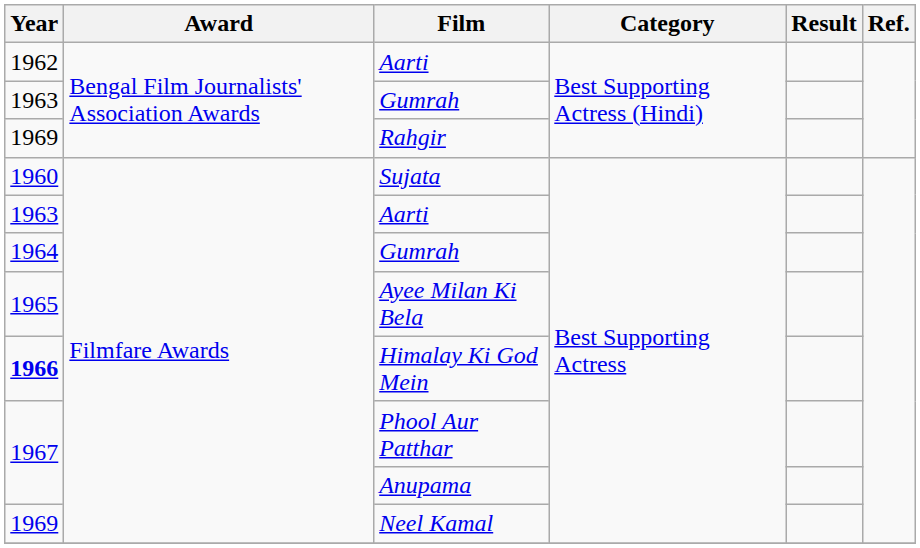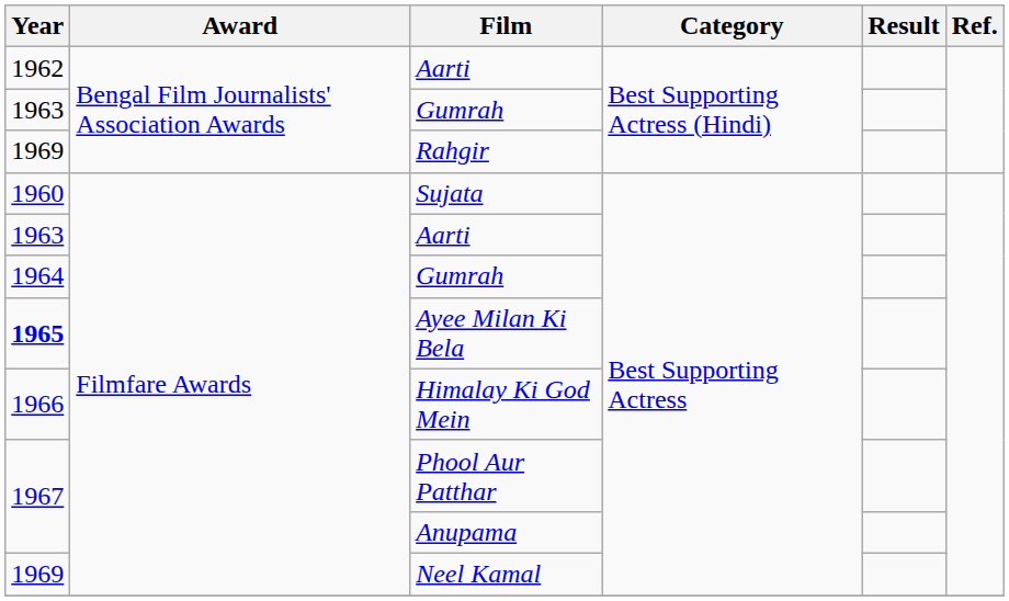 <table class="wikitable sortable">
 <tr>
 <th>Year</th>
 <th>Award</th>
 <th>Film</th>
 <th>Category</th>
 <th>Result</th>
 <th>Ref.</th>
 </tr>
 <tr>
 <td>1962</td>
 <td rowspan="3"><a href='#'>Bengal Film Journalists' Association Awards</a></td>
 <td><em><a href='#'>Aarti</a></em></td>
 <td rowspan="3"><a href='#'>Best Supporting Actress (Hindi)</a></td>
 <td></td>
 <td rowspan="3"></td>
 </tr>
 <tr>
 <td>1963</td>
 <td><em><a href='#'>Gumrah</a></em></td>
 <td></td>
 </tr>
 <tr>
 <td>1969</td>
 <td><em><a href='#'>Rahgir</a></em></td>
 <td></td>
 </tr>
 <tr>
 <td><a href='#'>1960</a></td>
 <td rowspan="8"><a href='#'>Filmfare Awards</a></td>
 <td><em><a href='#'>Sujata</a></em></td>
 <td rowspan="8"><a href='#'>Best Supporting Actress</a></td>
 <td></td>
 <td rowspan="8"></td>
 </tr>
 <tr>
 <td><a href='#'>1963</a></td>
 <td><em><a href='#'>Aarti</a></em></td>
 <td></td>
 </tr>
 <tr>
 <td><a href='#'>1964</a></td>
 <td><em><a href='#'>Gumrah</a></em></td>
 <td></td>
 </tr>
 <tr>
-<td><a href='#'>1965</a></td>
+<td><strong><a href='#'>1965</a></strong></td>
 <td><em><a href='#'>Ayee Milan Ki Bela</a></em></td>
 <td></td>
 </tr>
 <tr>
-<td><strong><a href='#'>1966</a></strong></td>
+<td><a href='#'>1966</a></td>
 <td><em><a href='#'>Himalay Ki God Mein</a></em></td>
 <td></td>
 </tr>
 <tr>
 <td rowspan="2"><a href='#'>1967</a></td>
 <td><em><a href='#'>Phool Aur Patthar</a></em></td>
 <td></td>
 </tr>
 <tr>
 <td><em><a href='#'>Anupama</a></em></td>
 <td></td>
 </tr>
 <tr>
 <td><a href='#'>1969</a></td>
 <td><em><a href='#'>Neel Kamal</a></em></td>
 <td></td>
 </tr>
 <tr>
 </tr>
 </table>
